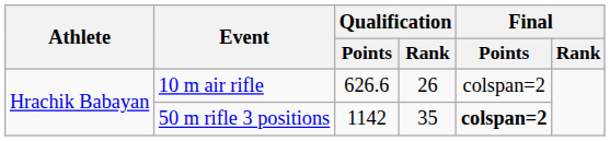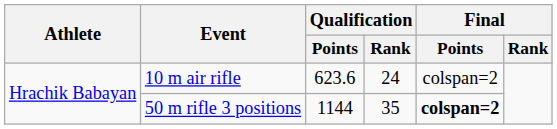 <table class="wikitable" style="text-align:center; font-size:90%">
 <tr>
 <th rowspan=2>Athlete</th>
 <th rowspan=2>Event</th>
 <th colspan=2>Qualification</th>
 <th colspan=2>Final</th>
 </tr>
 <tr style="font-size:95%">
 <th>Points</th>
 <th>Rank</th>
 <th>Points</th>
 <th>Rank</th>
 </tr>
 <tr>
 <td align=left rowspan=2><a href='#'>Hrachik Babayan</a></td>
 <td align=left><a href='#'>10 m air rifle</a></td>
-<td>626.6</td>
-<td>26</td>
+<td>623.6</td>
+<td>24</td>
 <td>colspan=2 </td>
 </tr>
 <tr>
 <td align=left><a href='#'>50 m rifle 3 positions</a></td>
-<td>1142</td>
+<td>1144</td>
 <td>35</td>
 <td><strong>colspan=2 </strong></td>
 </tr>
 </table>
